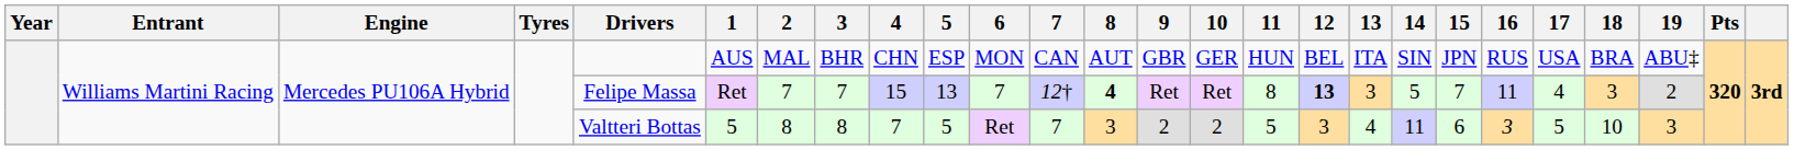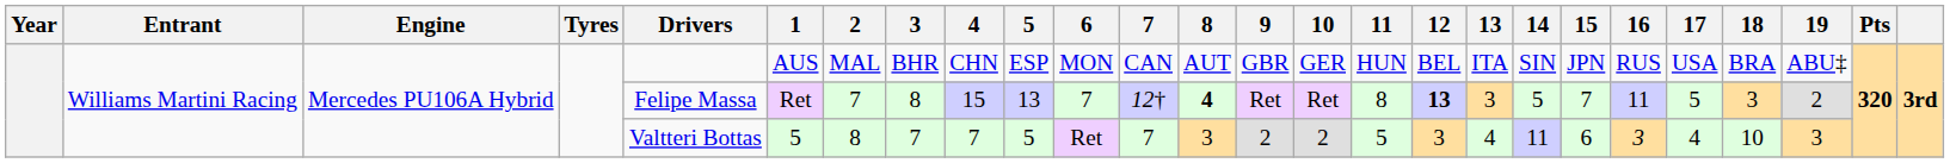 <table class="wikitable" style="text-align:center; font-size:90%">
 <tr>
 <th>Year</th>
 <th>Entrant</th>
 <th>Engine</th>
 <th>Tyres</th>
 <th>Drivers</th>
 <th>1</th>
 <th>2</th>
 <th>3</th>
 <th>4</th>
 <th>5</th>
 <th>6</th>
 <th>7</th>
 <th>8</th>
 <th>9</th>
 <th>10</th>
 <th>11</th>
 <th>12</th>
 <th>13</th>
 <th>14</th>
 <th>15</th>
 <th>16</th>
 <th>17</th>
 <th>18</th>
 <th>19</th>
 <th>Pts</th>
 <th></th>
 </tr>
 <tr>
 <th rowspan=3></th>
 <td rowspan=3><a href='#'>Williams Martini Racing</a></td>
 <td rowspan=3><a href='#'>Mercedes PU106A Hybrid</a></td>
 <td rowspan=3></td>
 <td></td>
 <td><a href='#'>AUS</a></td>
 <td><a href='#'>MAL</a></td>
 <td><a href='#'>BHR</a></td>
 <td><a href='#'>CHN</a></td>
 <td><a href='#'>ESP</a></td>
 <td><a href='#'>MON</a></td>
 <td><a href='#'>CAN</a></td>
 <td><a href='#'>AUT</a></td>
 <td><a href='#'>GBR</a></td>
 <td><a href='#'>GER</a></td>
 <td><a href='#'>HUN</a></td>
 <td><a href='#'>BEL</a></td>
 <td><a href='#'>ITA</a></td>
 <td><a href='#'>SIN</a></td>
 <td><a href='#'>JPN</a></td>
 <td><a href='#'>RUS</a></td>
 <td><a href='#'>USA</a></td>
 <td><a href='#'>BRA</a></td>
 <td><a href='#'>ABU</a>‡</td>
 <td rowspan="3" style="background-color:#ffdf9f"><strong>320</strong></td>
 <td rowspan="3" style="background-color:#ffdf9f"><strong>3rd</strong></td>
 </tr>
 <tr>
 <td align="center"><a href='#'>Felipe Massa</a></td>
 <td style="background-color:#efcfff">Ret</td>
 <td style="background-color:#dfffdf">7</td>
-<td style="background-color:#dfffdf">7</td>
+<td style="background-color:#dfffdf">8</td>
 <td style="background-color:#cfcfff">15</td>
 <td style="background-color:#cfcfff">13</td>
 <td style="background-color:#dfffdf">7</td>
 <td style="background-color:#cfcfff"><em>12</em>†</td>
 <td style="background-color:#dfffdf"><strong>4</strong></td>
 <td style="background-color:#efcfff">Ret</td>
 <td style="background-color:#efcfff">Ret</td>
 <td style="background-color:#dfffdf">8</td>
 <td style="background-color:#cfcfff"><strong>13</strong></td>
 <td style="background-color:#ffdf9f">3</td>
 <td style="background-color:#dfffdf">5</td>
 <td style="background-color:#dfffdf">7</td>
 <td style="background-color:#cfcfff">11</td>
-<td style="background-color:#dfffdf">4</td>
+<td style="background-color:#dfffdf">5</td>
 <td style="background-color:#ffdf9f">3</td>
 <td style="background-color:#dfdfdf">2</td>
 </tr>
 <tr>
 <td align="center"><a href='#'>Valtteri Bottas</a></td>
 <td style="background-color:#dfffdf">5</td>
 <td style="background-color:#dfffdf">8</td>
-<td style="background-color:#dfffdf">8</td>
+<td style="background-color:#dfffdf">7</td>
 <td style="background-color:#dfffdf">7</td>
 <td style="background-color:#dfffdf">5</td>
 <td style="background-color:#efcfff">Ret</td>
 <td style="background-color:#dfffdf">7</td>
 <td style="background-color:#ffdf9f">3</td>
 <td style="background-color:#dfdfdf">2</td>
 <td style="background-color:#dfdfdf">2</td>
 <td style="background-color:#dfffdf">5</td>
 <td style="background-color:#ffdf9f">3</td>
 <td style="background-color:#dfffdf">4</td>
 <td style="background-color:#cfcfff">11</td>
 <td style="background-color:#dfffdf">6</td>
 <td style="background-color:#ffdf9f"><em>3</em></td>
-<td style="background-color:#dfffdf">5</td>
+<td style="background-color:#dfffdf">4</td>
 <td style="background-color:#dfffdf">10</td>
 <td style="background-color:#ffdf9f">3</td>
 </tr>
 </table>
